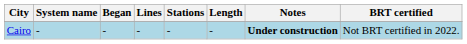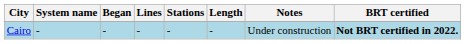 <table class="wikitable">
 <tr>
 <th>City</th>
 <th>System name</th>
 <th>Began</th>
 <th>Lines</th>
 <th>Stations</th>
 <th>Length</th>
 <th>Notes</th>
 <th>BRT certified</th>
 </tr>
 <tr>
 </tr>
 <tr style="background:lightblue;">
 <td><a href='#'>Cairo</a></td>
 <td>-</td>
 <td>-</td>
 <td>-</td>
 <td>-</td>
 <td>-</td>
-<td><strong>Under construction</strong></td>
-<td>Not BRT certified in 2022.</td>
+<td>Under construction</td>
+<td><strong>Not BRT certified in 2022.</strong></td>
 </tr>
 </table>
